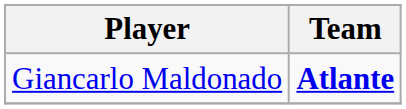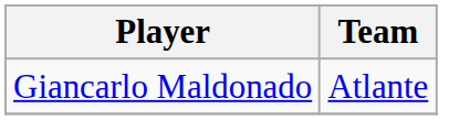 <table class="wikitable">
 <tr>
 <th>Player</th>
 <th>Team</th>
 </tr>
 <tr>
 <td> <a href='#'>Giancarlo Maldonado</a></td>
-<td><strong> <a href='#'>Atlante</a></strong></td>
+<td> <a href='#'>Atlante</a></td>
 </tr>
 <tr>
 </tr>
 </table>
